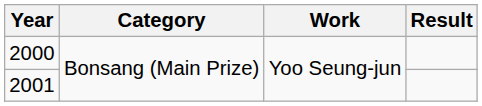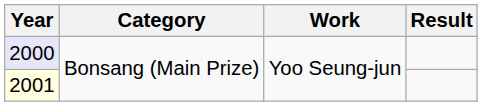 <table class="wikitable sortable" style="text-align: center;">
 <tr>
 <th>Year</th>
 <th>Category</th>
 <th>Work</th>
 <th>Result</th>
 </tr>
 <tr>
-<td>2000</td>
+<td style="background: lavender;">2000</td>
 <td rowspan="2">Bonsang (Main Prize)</td>
 <td rowspan="2">Yoo Seung-jun</td>
 <td></td>
 </tr>
 <tr>
-<td>2001</td>
+<td style="background: lightyellow;">2001</td>
 <td></td>
 </tr>
 </table>
